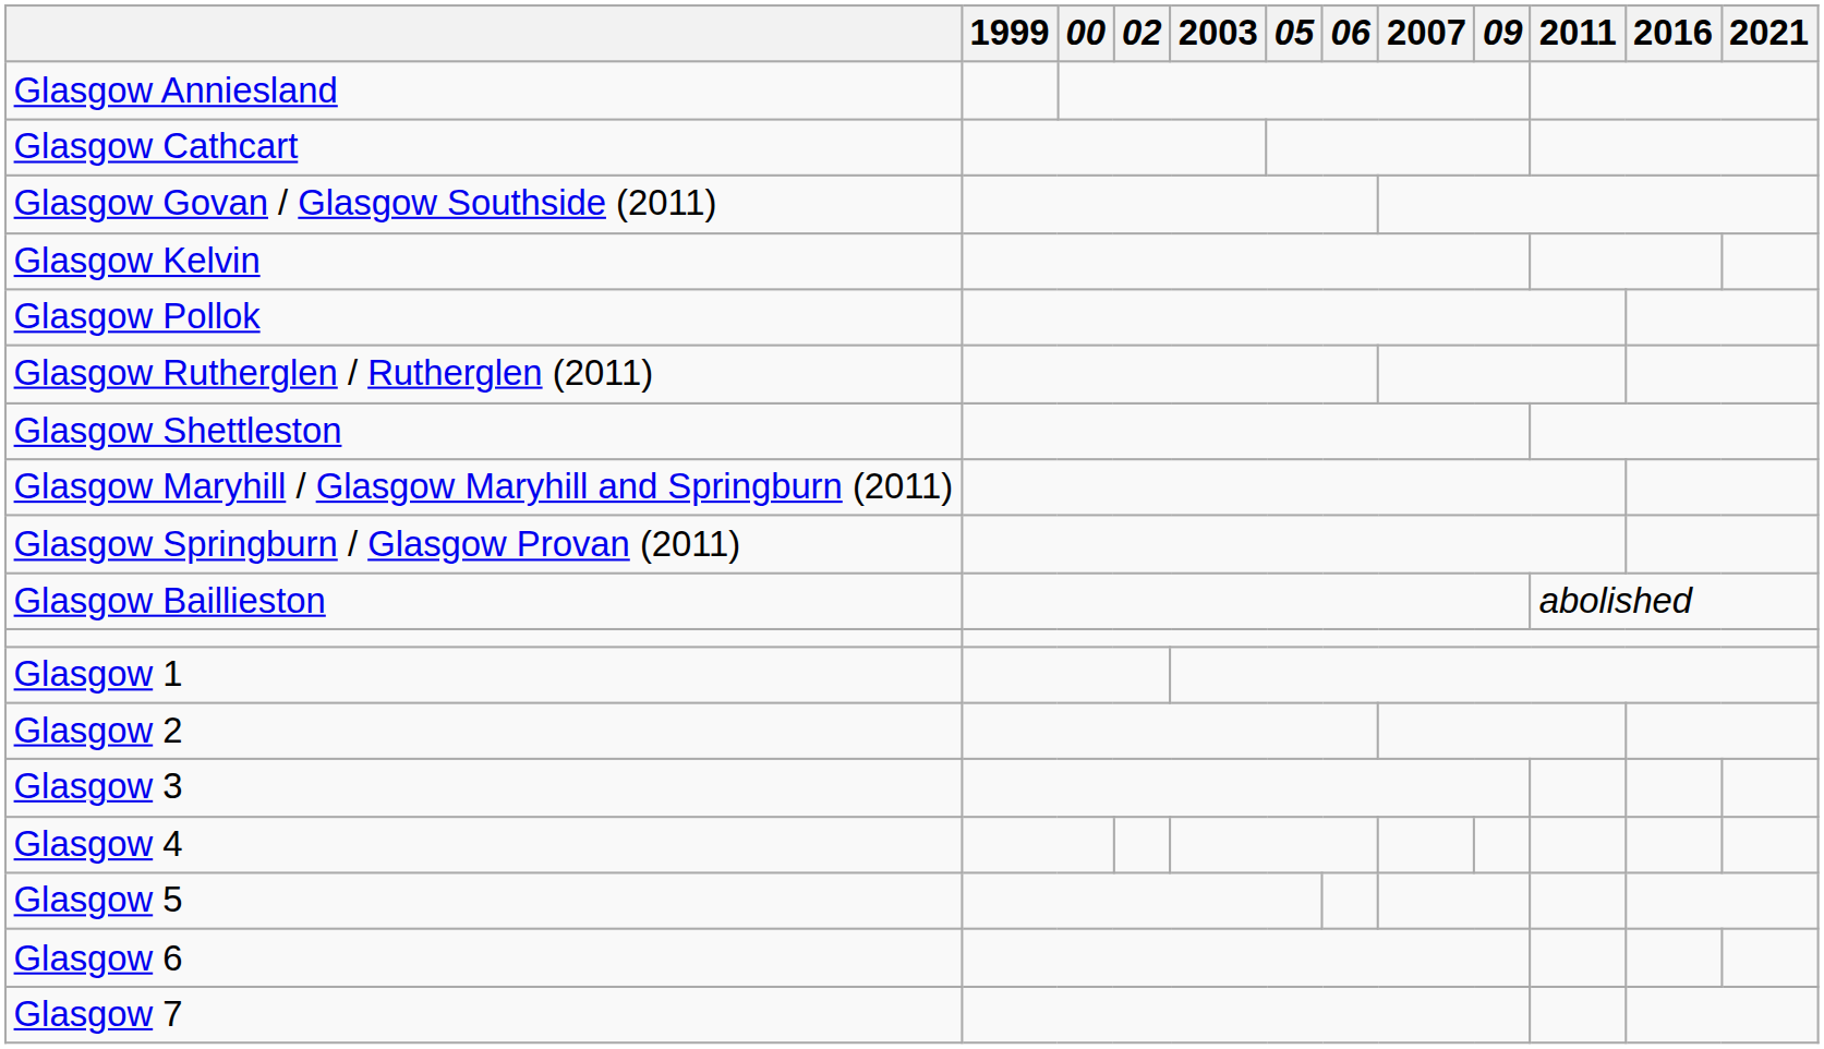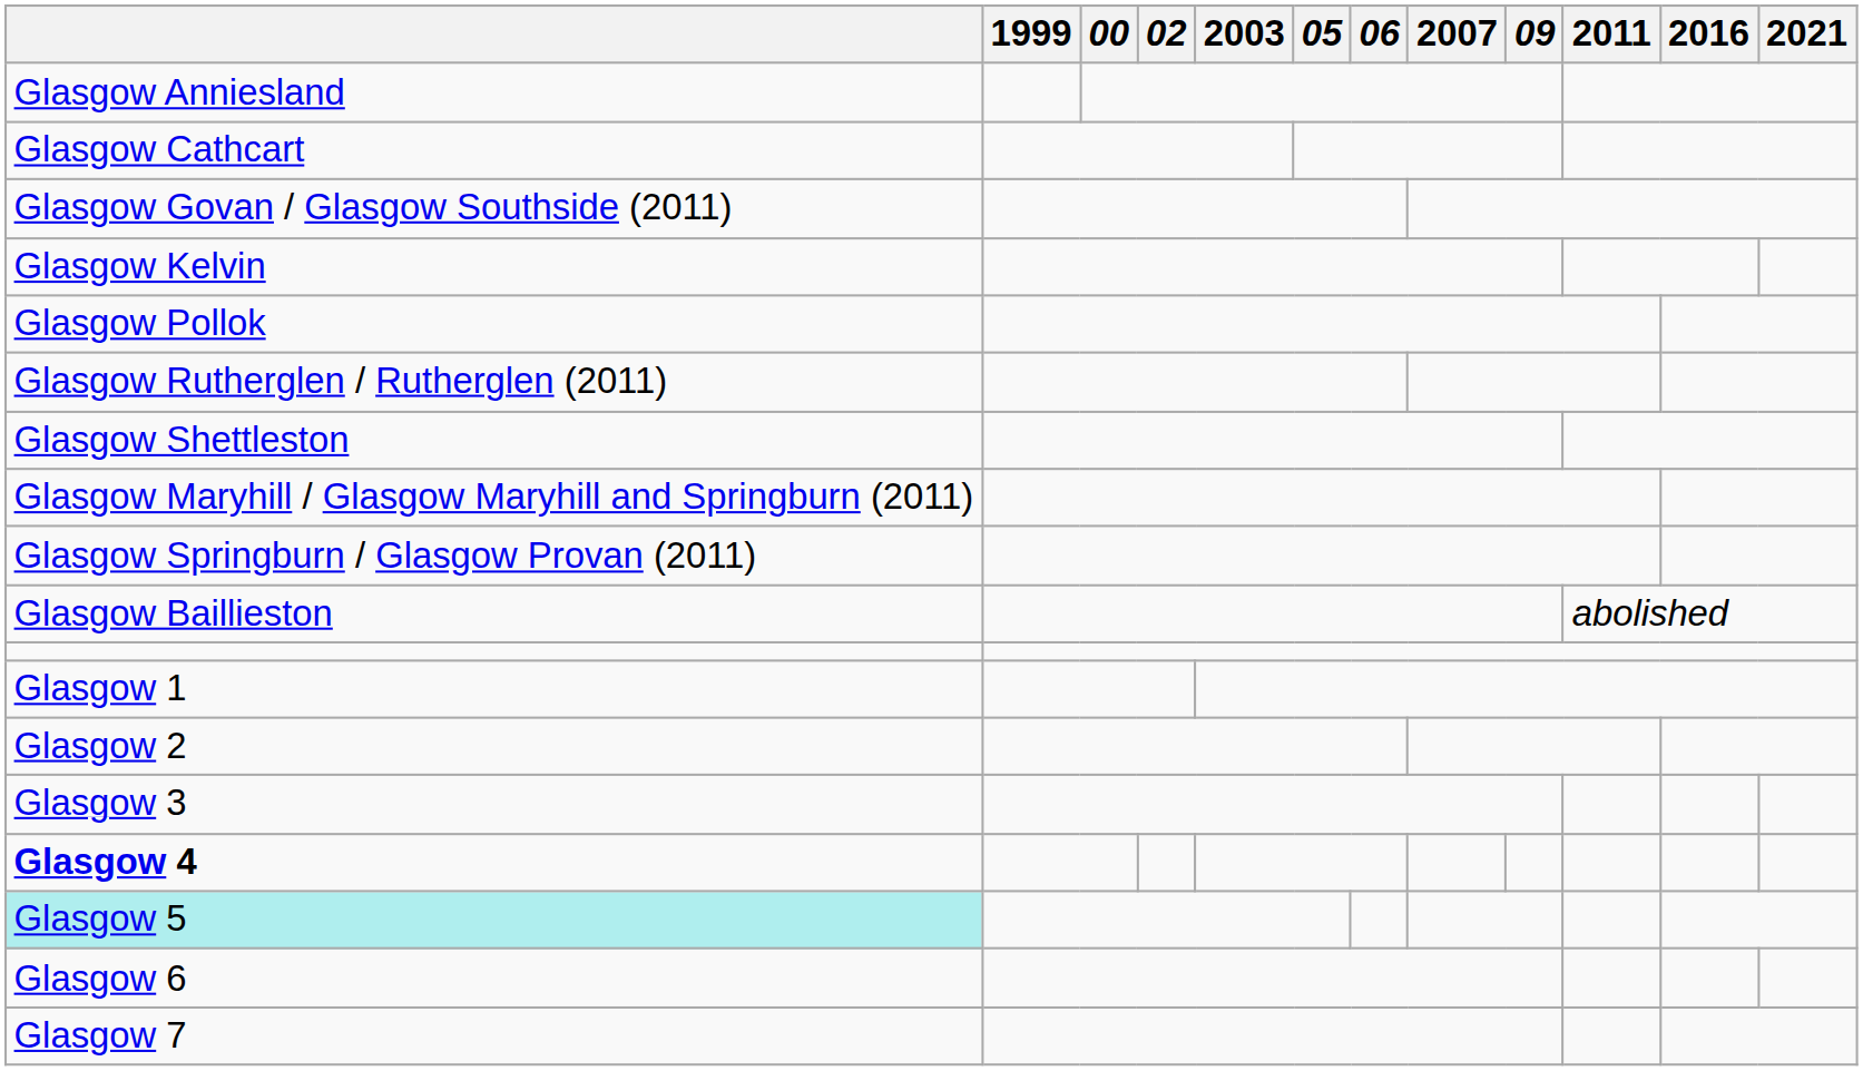 <table class="wikitable">
 <tr>
 <th></th>
 <th>1999</th>
 <th><em>00</em></th>
 <th><em>02</em></th>
 <th>2003</th>
 <th><em>05</em></th>
 <th><em>06</em></th>
 <th>2007</th>
 <th><em>09</em></th>
 <th>2011</th>
 <th>2016</th>
 <th>2021</th>
 </tr>
 <tr>
 <td><a href='#'>Glasgow Anniesland</a></td>
 <td><a href='#'></a></td>
 <td colspan="7"><a href='#'></a></td>
 <td colspan="3"><a href='#'></a></td>
 </tr>
 <tr>
 <td><a href='#'>Glasgow Cathcart</a></td>
 <td colspan="4"><a href='#'></a></td>
 <td colspan="4"><a href='#'></a></td>
 <td colspan="3"><a href='#'></a></td>
 </tr>
 <tr>
 <td><a href='#'>Glasgow Govan</a> / <a href='#'>Glasgow Southside</a> (2011)</td>
 <td colspan="6"><a href='#'></a></td>
 <td colspan="5"><a href='#'></a></td>
 </tr>
 <tr>
 <td><a href='#'>Glasgow Kelvin</a></td>
 <td colspan="8"><a href='#'></a></td>
 <td colspan="2"><a href='#'></a></td>
 <td><a href='#'></a></td>
 </tr>
 <tr>
 <td><a href='#'>Glasgow Pollok</a></td>
 <td colspan="9"><a href='#'></a></td>
 <td colspan="2"><a href='#'></a></td>
 </tr>
 <tr>
 <td><a href='#'>Glasgow Rutherglen</a> / <a href='#'>Rutherglen</a> (2011)</td>
 <td colspan="6"><a href='#'></a></td>
 <td colspan="3"><a href='#'></a></td>
 <td colspan="2"><a href='#'></a></td>
 </tr>
 <tr>
 <td><a href='#'>Glasgow Shettleston</a></td>
 <td colspan="8"><a href='#'></a></td>
 <td colspan="3"><a href='#'></a></td>
 </tr>
 <tr>
 <td><a href='#'>Glasgow Maryhill</a> / <a href='#'>Glasgow Maryhill and Springburn</a> (2011)</td>
 <td colspan="9"><a href='#'></a></td>
 <td colspan="2"><a href='#'></a></td>
 </tr>
 <tr>
 <td><a href='#'>Glasgow Springburn</a> / <a href='#'>Glasgow Provan</a> (2011)</td>
 <td colspan="9"><a href='#'></a></td>
 <td colspan="2"><a href='#'></a></td>
 </tr>
 <tr>
 <td><a href='#'>Glasgow Baillieston</a></td>
 <td colspan="8"><a href='#'></a></td>
 <td colspan="3"><em>abolished</em></td>
 </tr>
 <tr>
 <td></td>
 <td colspan="11"></td>
 </tr>
 <tr>
 <td><a href='#'>Glasgow</a> 1</td>
 <td colspan="3"><a href='#'></a></td>
 <td colspan="8"><a href='#'></a></td>
 </tr>
 <tr>
 <td><a href='#'>Glasgow</a> 2</td>
 <td colspan="6"><a href='#'></a></td>
 <td colspan="3"><a href='#'></a></td>
 <td colspan="2"><a href='#'></a></td>
 </tr>
 <tr>
 <td><a href='#'>Glasgow</a> 3</td>
 <td colspan="8"><a href='#'></a></td>
 <td><a href='#'></a></td>
 <td><a href='#'></a></td>
 <td><a href='#'></a></td>
 </tr>
 <tr>
-<td><a href='#'>Glasgow</a> 4</td>
+<td><strong><a href='#'>Glasgow</a> 4</strong></td>
 <td colspan="2"><a href='#'></a></td>
 <td><a href='#'></a></td>
 <td colspan="3"><a href='#'></a></td>
 <td><a href='#'></a></td>
 <td><a href='#'></a></td>
 <td><a href='#'></a></td>
 <td><a href='#'></a></td>
 <td><a href='#'></a></td>
 </tr>
 <tr>
-<td><a href='#'>Glasgow</a> 5</td>
+<td style="background: paleturquoise;"><a href='#'>Glasgow</a> 5</td>
 <td colspan="5"><a href='#'></a></td>
 <td><a href='#'></a></td>
 <td colspan="2"><a href='#'></a></td>
 <td><a href='#'></a></td>
 <td colspan="2"><a href='#'></a></td>
 </tr>
 <tr>
 <td><a href='#'>Glasgow</a> 6</td>
 <td colspan="8"><a href='#'></a></td>
 <td><a href='#'></a></td>
 <td><a href='#'></a></td>
 <td><a href='#'></a></td>
 </tr>
 <tr>
 <td><a href='#'>Glasgow</a> 7</td>
 <td colspan="8"><a href='#'></a></td>
 <td><a href='#'></a></td>
 <td colspan="2"><a href='#'></a></td>
 </tr>
 </table>
